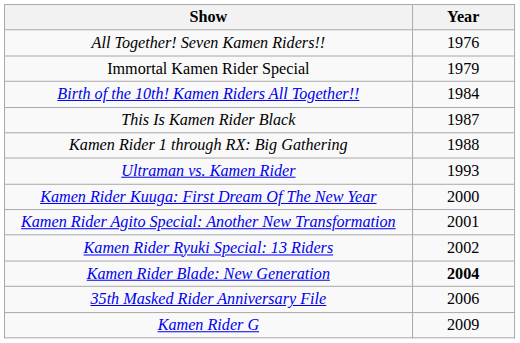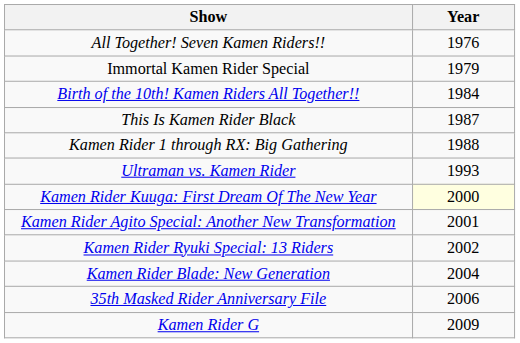 <table class="wikitable plainrowheaders" style="text-align:center; width:40%">
 <tr>
 <th scope="col" style="width:80%">Show</th>
 <th scope="col" style="width:20%">Year</th>
 </tr>
 <tr>
 <td><em>All Together! Seven Kamen Riders!!</em></td>
 <td>1976</td>
 </tr>
 <tr>
 <td>Immortal Kamen Rider Special</td>
 <td>1979</td>
 </tr>
 <tr>
 <td><em><a href='#'>Birth of the 10th! Kamen Riders All Together!!</a></em></td>
 <td>1984</td>
 </tr>
 <tr>
 <td><em>This Is Kamen Rider Black</em></td>
 <td>1987</td>
 </tr>
 <tr>
 <td><em>Kamen Rider 1 through RX: Big Gathering</em></td>
 <td>1988</td>
 </tr>
 <tr>
 <td><em><a href='#'>Ultraman vs. Kamen Rider</a></em></td>
 <td>1993</td>
 </tr>
 <tr>
 <td><em><a href='#'>Kamen Rider Kuuga: First Dream Of The New Year</a></em></td>
-<td>2000</td>
+<td style="background: lightyellow;">2000</td>
 </tr>
 <tr>
 <td><em><a href='#'>Kamen Rider Agito Special: Another New Transformation</a></em></td>
 <td>2001</td>
 </tr>
 <tr>
 <td><em><a href='#'>Kamen Rider Ryuki Special: 13 Riders</a></em></td>
 <td>2002</td>
 </tr>
 <tr>
 <td><em><a href='#'>Kamen Rider Blade: New Generation</a></em></td>
-<td><strong>2004</strong></td>
+<td>2004</td>
 </tr>
 <tr>
 <td><em><a href='#'>35th Masked Rider Anniversary File</a></em></td>
 <td>2006</td>
 </tr>
 <tr>
 <td><em><a href='#'>Kamen Rider G</a></em></td>
 <td>2009</td>
 </tr>
 </table>
